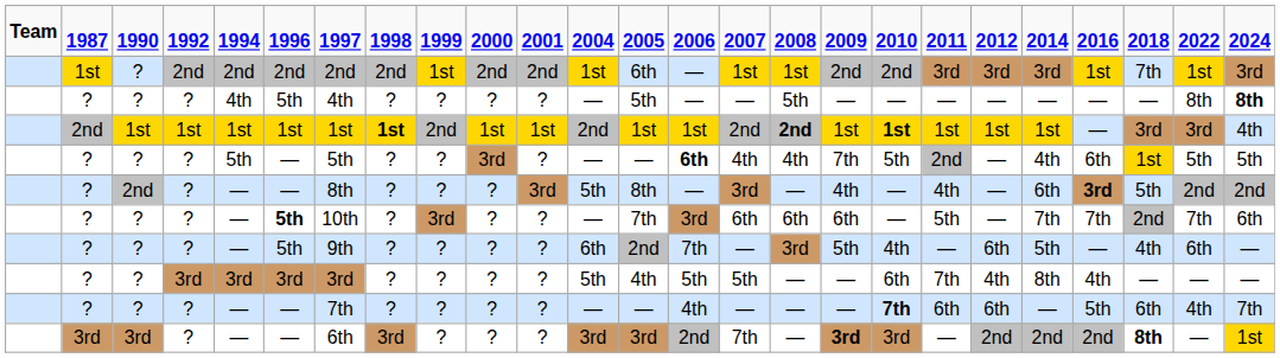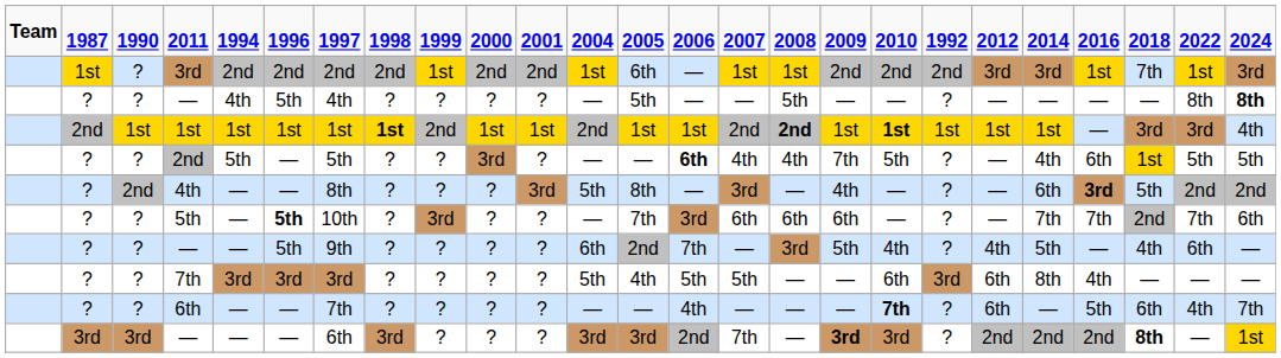 <table class="wikitable" style="text-align:center; font-size:90%">
 <tr bgcolor=>
 <td><strong>Team</strong></td>
 <td><strong><br><a href='#'>1987</a></strong></td>
 <td><strong><br><a href='#'>1990</a></strong></td>
-<td><strong><br><a href='#'>1992</a></strong></td>
+<td><strong><br><a href='#'>2011</a></strong></td>
 <td><strong><br><a href='#'>1994</a></strong></td>
 <td><strong><br><a href='#'>1996</a></strong></td>
 <td><strong><br><a href='#'>1997</a></strong></td>
 <td><strong><br><a href='#'>1998</a></strong></td>
 <td><strong><br><a href='#'>1999</a></strong></td>
 <td><strong><br><a href='#'>2000</a></strong></td>
 <td><strong><br><a href='#'>2001</a></strong></td>
 <td><strong><br><a href='#'>2004</a></strong></td>
 <td><strong><br><a href='#'>2005</a></strong></td>
 <td><strong><br><a href='#'>2006</a></strong></td>
 <td><strong><br><a href='#'>2007</a></strong></td>
 <td><strong><br><a href='#'>2008</a></strong></td>
 <td><strong><br><a href='#'>2009</a></strong></td>
 <td><strong><br><a href='#'>2010</a></strong></td>
-<td><strong><br><a href='#'>2011</a></strong></td>
+<td><strong><br><a href='#'>1992</a></strong></td>
 <td><strong><br><a href='#'>2012</a></strong></td>
 <td><strong><br><a href='#'>2014</a></strong></td>
 <td><strong><br><a href='#'>2016</a></strong></td>
 <td><strong><br><a href='#'>2018</a></strong></td>
 <td><strong><br><a href='#'>2022</a></strong></td>
 <td><strong><br><a href='#'>2024</a></strong></td>
 </tr>
 <tr bgcolor=#D0E6FF>
 <td align=left></td>
 <td bgcolor=gold>1st</td>
 <td>?</td>
-<td bgcolor=silver>2nd</td>
+<td bgcolor=#cc9966>3rd</td>
 <td bgcolor=silver>2nd</td>
 <td bgcolor=silver>2nd</td>
 <td bgcolor=silver>2nd</td>
 <td bgcolor=silver>2nd</td>
 <td bgcolor=gold>1st</td>
 <td bgcolor=silver>2nd</td>
 <td bgcolor=silver>2nd</td>
 <td bgcolor=gold>1st</td>
 <td>6th</td>
 <td>—</td>
 <td bgcolor=gold>1st</td>
 <td bgcolor=gold>1st</td>
 <td bgcolor=silver>2nd</td>
 <td bgcolor=silver>2nd</td>
-<td bgcolor=#cc9966>3rd</td>
+<td bgcolor=silver>2nd</td>
 <td bgcolor=#cc9966>3rd</td>
 <td bgcolor=#cc9966>3rd</td>
 <td bgcolor=gold>1st</td>
 <td>7th</td>
 <td bgcolor=gold>1st</td>
 <td bgcolor=#cc9966>3rd</td>
 </tr>
 <tr bgcolor=#FFFFFF>
 <td align=left></td>
 <td>?</td>
 <td>?</td>
-<td>?</td>
+<td>—</td>
 <td>4th</td>
 <td>5th</td>
 <td>4th</td>
 <td>?</td>
 <td>?</td>
 <td>?</td>
 <td>?</td>
 <td>—</td>
 <td>5th</td>
 <td>—</td>
 <td>—</td>
 <td>5th</td>
 <td>—</td>
 <td>—</td>
-<td>—</td>
+<td>?</td>
 <td>—</td>
 <td>—</td>
 <td>—</td>
 <td>—</td>
 <td>8th</td>
 <td><strong>8th</strong></td>
 </tr>
 <tr bgcolor=#D0E6FF>
 <td align=left></td>
 <td bgcolor=silver>2nd</td>
 <td bgcolor=gold>1st</td>
 <td bgcolor=gold>1st</td>
 <td bgcolor=gold>1st</td>
 <td bgcolor=gold>1st</td>
 <td bgcolor=gold>1st</td>
 <td bgcolor=gold><strong>1st</strong></td>
 <td bgcolor=silver>2nd</td>
 <td bgcolor=gold>1st</td>
 <td bgcolor=gold>1st</td>
 <td bgcolor=silver>2nd</td>
 <td bgcolor=gold>1st</td>
 <td bgcolor=gold>1st</td>
 <td bgcolor=silver>2nd</td>
 <td bgcolor=silver><strong>2nd</strong></td>
 <td bgcolor=gold>1st</td>
 <td bgcolor=gold><strong>1st</strong></td>
 <td bgcolor=gold>1st</td>
 <td bgcolor=gold>1st</td>
 <td bgcolor=gold>1st</td>
 <td>—</td>
 <td bgcolor=#cc9966>3rd</td>
 <td bgcolor=#cc9966>3rd</td>
 <td>4th</td>
 </tr>
 <tr bgcolor=#FFFFFF>
 <td align=left></td>
 <td>?</td>
 <td>?</td>
-<td>?</td>
+<td bgcolor=silver>2nd</td>
 <td>5th</td>
 <td>—</td>
 <td>5th</td>
 <td>?</td>
 <td>?</td>
 <td bgcolor=#cc9966>3rd</td>
 <td>?</td>
 <td>—</td>
 <td>—</td>
 <td><strong>6th</strong></td>
 <td>4th</td>
 <td>4th</td>
 <td>7th</td>
 <td>5th</td>
-<td bgcolor=silver>2nd</td>
+<td>?</td>
 <td>—</td>
 <td>4th</td>
 <td>6th</td>
 <td bgcolor=gold>1st</td>
 <td>5th</td>
 <td>5th</td>
 </tr>
 <tr bgcolor=#D0E6FF>
 <td align=left></td>
 <td>?</td>
 <td bgcolor=silver>2nd</td>
-<td>?</td>
+<td>4th</td>
 <td>—</td>
 <td>—</td>
 <td>8th</td>
 <td>?</td>
 <td>?</td>
 <td>?</td>
 <td bgcolor=#cc9966>3rd</td>
 <td>5th</td>
 <td>8th</td>
 <td>—</td>
 <td bgcolor=#cc9966>3rd</td>
 <td>—</td>
 <td>4th</td>
 <td>—</td>
-<td>4th</td>
+<td>?</td>
 <td>—</td>
 <td>6th</td>
 <td bgcolor=#cc9966><strong>3rd</strong></td>
 <td>5th</td>
 <td bgcolor=silver>2nd</td>
 <td bgcolor=silver>2nd</td>
 </tr>
 <tr bgcolor=#FFFFFF>
 <td align=left></td>
 <td>?</td>
 <td>?</td>
-<td>?</td>
+<td>5th</td>
 <td>—</td>
 <td><strong>5th</strong></td>
 <td>10th</td>
 <td>?</td>
 <td bgcolor=#cc9966>3rd</td>
 <td>?</td>
 <td>?</td>
 <td>—</td>
 <td>7th</td>
 <td bgcolor=#cc9966>3rd</td>
 <td>6th</td>
 <td>6th</td>
 <td>6th</td>
 <td>—</td>
-<td>5th</td>
+<td>?</td>
 <td>—</td>
 <td>7th</td>
 <td>7th</td>
 <td bgcolor=silver>2nd</td>
 <td>7th</td>
 <td>6th</td>
 </tr>
 <tr bgcolor=#D0E6FF>
 <td align=left></td>
 <td>?</td>
 <td>?</td>
-<td>?</td>
+<td>—</td>
 <td>—</td>
 <td>5th</td>
 <td>9th</td>
 <td>?</td>
 <td>?</td>
 <td>?</td>
 <td>?</td>
 <td>6th</td>
 <td bgcolor=silver>2nd</td>
 <td>7th</td>
 <td>—</td>
 <td bgcolor=#cc9966>3rd</td>
 <td>5th</td>
 <td>4th</td>
-<td>—</td>
-<td>6th</td>
+<td>?</td>
+<td>4th</td>
 <td>5th</td>
 <td>—</td>
 <td>4th</td>
 <td>6th</td>
 <td>—</td>
 </tr>
 <tr bgcolor=#FFFFFF>
 <td align=left></td>
 <td>?</td>
 <td>?</td>
-<td bgcolor=#cc9966>3rd</td>
+<td>7th</td>
 <td bgcolor=#cc9966>3rd</td>
 <td bgcolor=#cc9966>3rd</td>
 <td bgcolor=#cc9966>3rd</td>
 <td>?</td>
 <td>?</td>
 <td>?</td>
 <td>?</td>
 <td>5th</td>
 <td>4th</td>
 <td>5th</td>
 <td>5th</td>
 <td>—</td>
 <td>—</td>
 <td>6th</td>
-<td>7th</td>
-<td>4th</td>
+<td bgcolor=#cc9966>3rd</td>
+<td>6th</td>
 <td>8th</td>
 <td>4th</td>
 <td>—</td>
 <td>—</td>
 <td>—</td>
 </tr>
 <tr bgcolor=#D0E6FF>
 <td align=left></td>
 <td>?</td>
 <td>?</td>
-<td>?</td>
+<td>6th</td>
 <td>—</td>
 <td>—</td>
 <td>7th</td>
 <td>?</td>
 <td>?</td>
 <td>?</td>
 <td>?</td>
 <td>—</td>
 <td>—</td>
 <td>4th</td>
 <td>—</td>
 <td>—</td>
 <td>—</td>
 <td><strong>7th</strong></td>
-<td>6th</td>
+<td>?</td>
 <td>6th</td>
 <td>—</td>
 <td>5th</td>
 <td>6th</td>
 <td>4th</td>
 <td>7th</td>
 </tr>
 <tr bgcolor=#FFFFFF>
 <td align=left></td>
 <td bgcolor=#cc9966>3rd</td>
 <td bgcolor=#cc9966>3rd</td>
-<td>?</td>
+<td>—</td>
 <td>—</td>
 <td>—</td>
 <td>6th</td>
 <td bgcolor=#cc9966>3rd</td>
 <td>?</td>
 <td>?</td>
 <td>?</td>
 <td bgcolor=#cc9966>3rd</td>
 <td bgcolor=#cc9966>3rd</td>
 <td bgcolor=silver>2nd</td>
 <td>7th</td>
 <td>—</td>
 <td bgcolor=#cc9966><strong>3rd</strong></td>
 <td bgcolor=#cc9966>3rd</td>
-<td>—</td>
+<td>?</td>
 <td bgcolor=silver>2nd</td>
 <td bgcolor=silver>2nd</td>
 <td bgcolor=silver>2nd</td>
 <td><strong>8th</strong></td>
 <td>—</td>
 <td bgcolor=gold>1st</td>
 </tr>
 </table>
